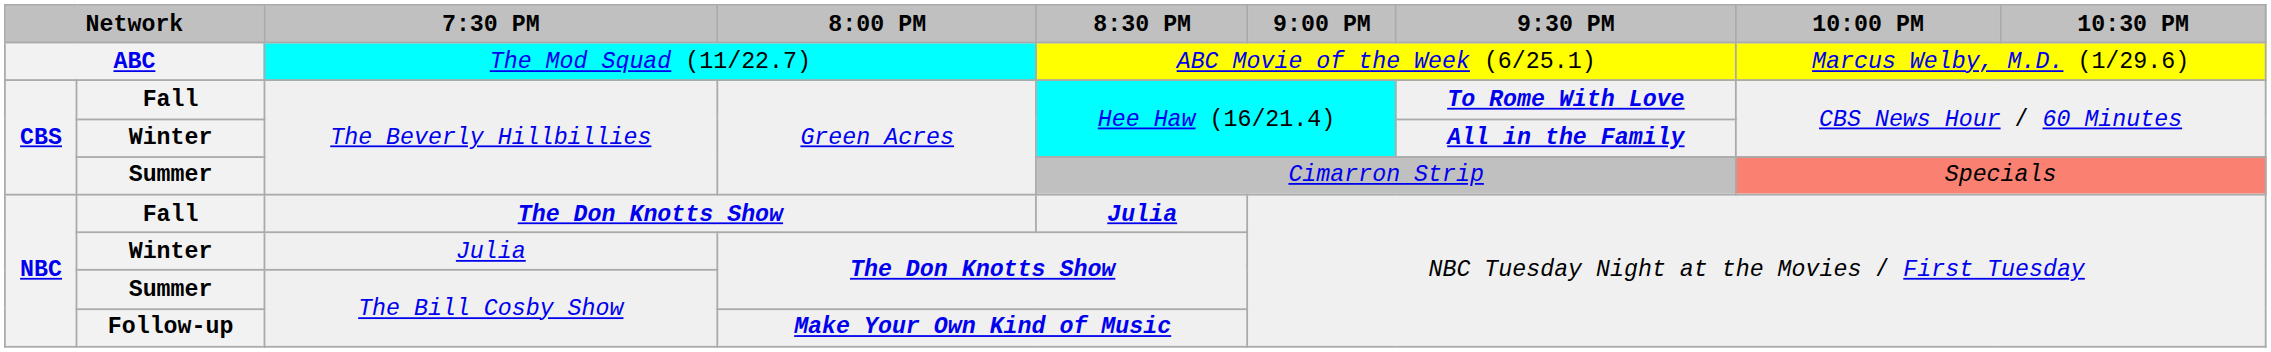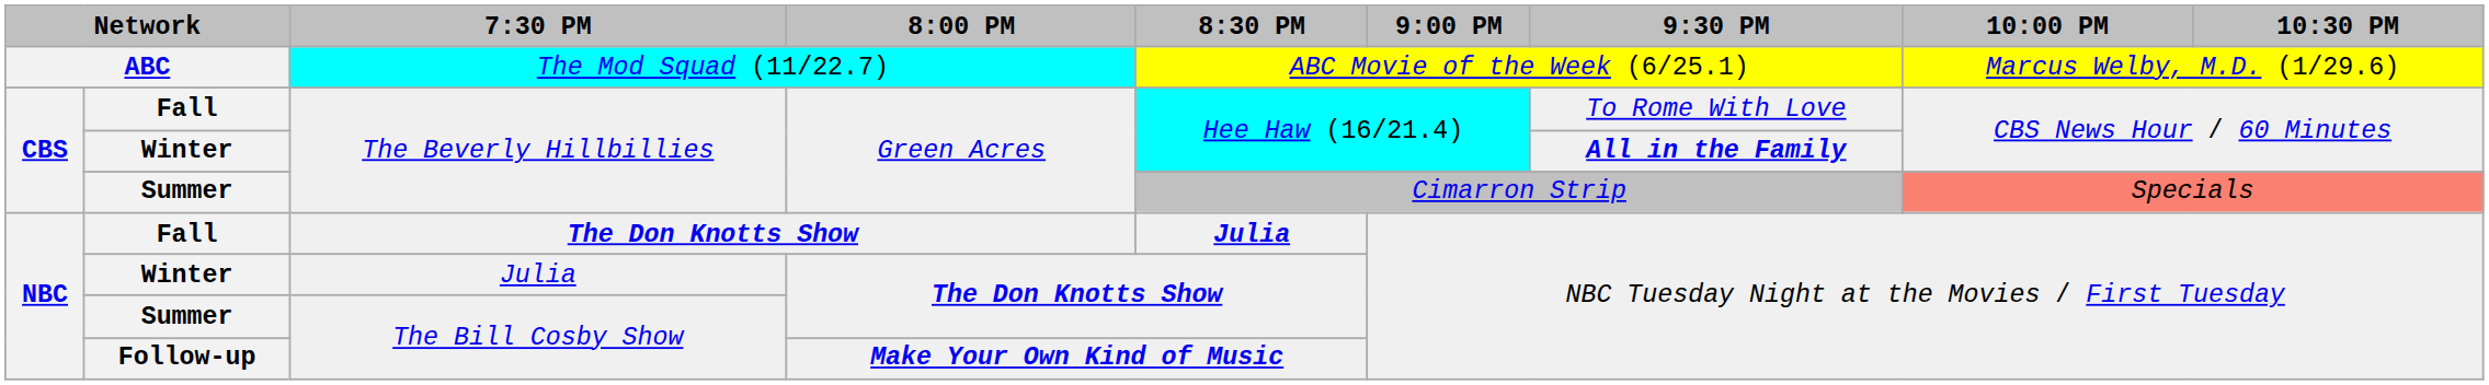 <table class="wikitable plainrowheaders" style="width:100%; margin:auto; text-align:center;">
 <tr>
 <th colspan="2" style="background-color:#C0C0C0;text-align:center">Network</th>
 <th style="background-color:#C0C0C0;text-align:center">7:30 PM</th>
 <th style="background-color:#C0C0C0;text-align:center">8:00 PM</th>
 <th style="background-color:#C0C0C0;text-align:center">8:30 PM</th>
 <th style="background-color:#C0C0C0;text-align:center">9:00 PM</th>
 <th style="background-color:#C0C0C0;text-align:center">9:30 PM</th>
 <th style="background-color:#C0C0C0;text-align:center">10:00 PM</th>
 <th style="background-color:#C0C0C0;text-align:center">10:30 PM</th>
 </tr>
 <tr>
 <th colspan="2"><a href='#'>ABC</a></th>
 <td bgcolor="#00FFFF" colspan="2"><em><a href='#'>The Mod Squad</a></em> (11/22.7)</td>
 <td bgcolor="#FFFF00" colspan="3"><em><a href='#'>ABC Movie of the Week</a></em> (6/25.1)</td>
 <td bgcolor="#FFFF00" colspan="2"><em><a href='#'>Marcus Welby, M.D.</a></em> (1/29.6)</td>
 </tr>
 <tr>
 <th rowspan="3"><a href='#'>CBS</a></th>
 <th>Fall</th>
 <td rowspan="3" bgcolor="#F0F0F0"><em><a href='#'>The Beverly Hillbillies</a></em></td>
 <td rowspan="3" bgcolor="#F0F0F0"><em><a href='#'>Green Acres</a></em></td>
 <td bgcolor="#00FFFF" rowspan="2" colspan="2"><em><a href='#'>Hee Haw</a></em> (16/21.4)</td>
-<td bgcolor="#F0F0F0"><strong><em><a href='#'>To Rome With Love</a></em></strong></td>
+<td bgcolor="#F0F0F0"><em><a href='#'>To Rome With Love</a></em></td>
 <td bgcolor="#F0F0F0" colspan="2" rowspan="2"><em><a href='#'>CBS News Hour</a></em> / <em><a href='#'>60 Minutes</a></em></td>
 </tr>
 <tr>
 <th>Winter</th>
 <td bgcolor="#F0F0F0" bgcolor="#F0F0F0"><strong><em><a href='#'>All in the Family</a></em></strong></td>
 </tr>
 <tr>
 <th>Summer</th>
 <td colspan="3" bgcolor="#C0C0C0"><em><a href='#'>Cimarron Strip</a></em> </td>
 <td colspan="2" bgcolor="#FA8072"><em>Specials</em></td>
 </tr>
 <tr>
 <th rowspan="4"><a href='#'>NBC</a></th>
 <th>Fall</th>
 <td colspan="2" bgcolor="#F0F0F0"><strong><em><a href='#'>The Don Knotts Show</a></em></strong></td>
 <td bgcolor="#F0F0F0"><strong><em><a href='#'>Julia</a></em></strong></td>
 <td colspan="4" rowspan="4" bgcolor="#F0F0F0"><em>NBC Tuesday Night at the Movies</em> / <em><a href='#'>First Tuesday</a></em></td>
 </tr>
 <tr>
 <th>Winter</th>
 <td bgcolor="#F0F0F0"><em><a href='#'>Julia</a></em></td>
 <td colspan="2" rowspan="2" bgcolor="#F0F0F0"><strong><em><a href='#'>The Don Knotts Show</a></em></strong></td>
 </tr>
 <tr>
 <th>Summer</th>
 <td rowspan="2" bgcolor="#F0F0F0"><em><a href='#'>The Bill Cosby Show</a></em></td>
 </tr>
 <tr>
 <th>Follow-up</th>
 <td colspan="2" bgcolor="#F0F0F0"><strong><em><a href='#'>Make Your Own Kind of Music</a></em></strong></td>
 </tr>
 </table>
